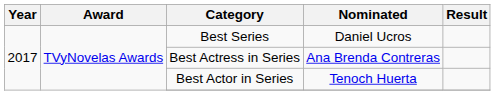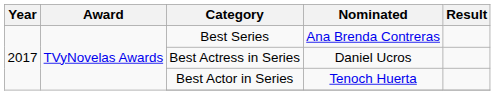 <table class="wikitable plainrowheaders" style="text-align:center;">
 <tr>
 <th scope="col">Year</th>
 <th scope="col">Award</th>
 <th scope="col">Category</th>
 <th scope="col">Nominated</th>
 <th scope="col">Result</th>
 </tr>
 <tr>
 <td rowspan=10>2017</td>
 <td rowspan=10><a href='#'>TVyNovelas Awards</a></td>
 <td>Best Series</td>
-<td>Daniel Ucros</td>
+<td><a href='#'>Ana Brenda Contreras</a></td>
 <td></td>
 </tr>
 <tr>
 <td>Best Actress in Series</td>
-<td><a href='#'>Ana Brenda Contreras</a></td>
+<td>Daniel Ucros</td>
 <td></td>
 </tr>
 <tr>
 <td>Best Actor in Series</td>
 <td><a href='#'>Tenoch Huerta</a></td>
 <td></td>
 </tr>
 <tr>
 </tr>
 </table>
